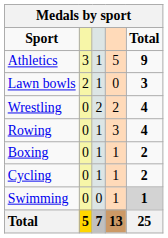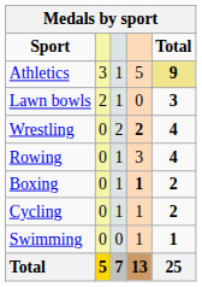 <table class="wikitable" style="text-align:center;font-size:90%">
 <tr style="background:#efefef;">
 <th colspan=7><strong>Medals by sport</strong></th>
 </tr>
 <tr>
 <td><strong>Sport</strong></td>
 <td bgcolor=#f7f6a8></td>
 <td bgcolor=#dce5e5></td>
 <td bgcolor=#ffdab9></td>
 <td><strong>Total</strong></td>
 </tr>
 <tr>
 <td style="text-align:left;"><a href='#'>Athletics</a></td>
 <td style="background:#F7F6A8;">3</td>
 <td style="background:#DCE5E5;">1</td>
 <td style="background:#FFDAB9;">5</td>
-<td><strong>9</strong></td>
+<td style="background: khaki;"><strong>9</strong></td>
 </tr>
 <tr>
 <td style="text-align:left;"><a href='#'>Lawn bowls</a></td>
 <td style="background:#F7F6A8;">2</td>
 <td style="background:#DCE5E5;">1</td>
 <td style="background:#FFDAB9;">0</td>
 <td><strong>3</strong></td>
 </tr>
 <tr>
 <td style="text-align:left;"><a href='#'>Wrestling</a></td>
 <td style="background:#F7F6A8;">0</td>
 <td style="background:#DCE5E5;">2</td>
-<td style="background:#FFDAB9;">2</td>
+<td style="background:#FFDAB9;"><strong>2</strong></td>
 <td><strong>4</strong></td>
 </tr>
 <tr>
 <td style="text-align:left;"><a href='#'>Rowing</a></td>
 <td style="background:#F7F6A8;">0</td>
 <td style="background:#DCE5E5;">1</td>
 <td style="background:#FFDAB9;">3</td>
 <td><strong>4</strong></td>
 </tr>
 <tr>
 <td style="text-align:left;"><a href='#'>Boxing</a></td>
 <td style="background:#F7F6A8;">0</td>
 <td style="background:#DCE5E5;">1</td>
-<td style="background:#FFDAB9;">1</td>
+<td style="background:#FFDAB9;"><strong>1</strong></td>
 <td><strong>2</strong></td>
 </tr>
 <tr>
 <td style="text-align:left;"><a href='#'>Cycling</a></td>
 <td style="background:#F7F6A8;">0</td>
 <td style="background:#DCE5E5;">1</td>
 <td style="background:#FFDAB9;">1</td>
 <td><strong>2</strong></td>
 </tr>
 <tr>
 <td style="text-align:left;"><a href='#'>Swimming</a></td>
 <td style="background:#F7F6A8;">0</td>
 <td style="background:#DCE5E5;">0</td>
 <td style="background:#FFDAB9;">1</td>
-<td style="background: lightgrey;"><strong>1</strong></td>
+<td><strong>1</strong></td>
 </tr>
 <tr>
 <th style="text-align:left;"><strong>Total</strong></th>
 <th style="background:gold;"><strong>5</strong></th>
 <th style="background:silver;"><strong>7</strong></th>
 <th style="background:#c96;"><strong>13</strong></th>
 <th><strong>25</strong></th>
 </tr>
 </table>
